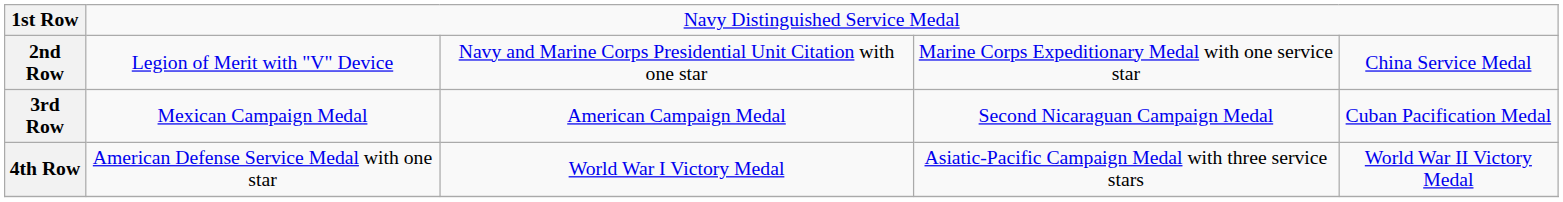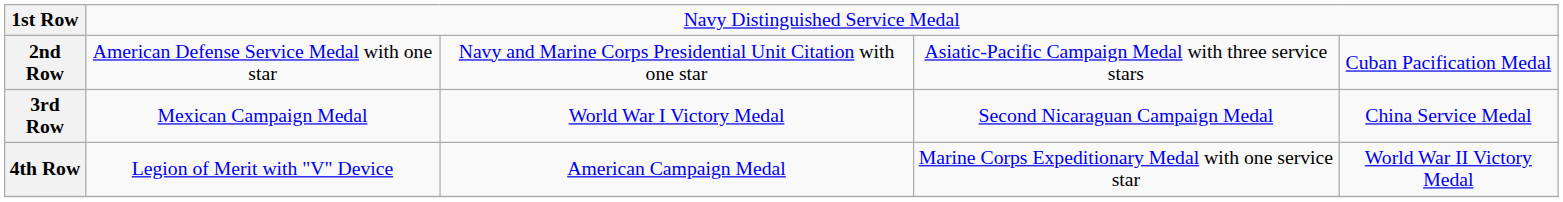 <table class="wikitable" style="margin:1em auto; text-align:center;">
 <tr>
 <th>1st Row</th>
 <td colspan="12"><a href='#'>Navy Distinguished Service Medal</a></td>
 </tr>
 <tr>
 <th>2nd Row</th>
-<td><a href='#'>Legion of Merit with "V" Device</a></td>
+<td><a href='#'>American Defense Service Medal</a> with one star</td>
 <td><a href='#'>Navy and Marine Corps Presidential Unit Citation</a> with one star</td>
-<td><a href='#'>Marine Corps Expeditionary Medal</a> with one service star</td>
-<td><a href='#'>China Service Medal</a></td>
+<td><a href='#'>Asiatic-Pacific Campaign Medal</a> with three service stars</td>
+<td><a href='#'>Cuban Pacification Medal</a></td>
 </tr>
 <tr>
 <th>3rd Row</th>
 <td><a href='#'>Mexican Campaign Medal</a></td>
-<td><a href='#'>American Campaign Medal</a></td>
+<td><a href='#'>World War I Victory Medal</a></td>
 <td><a href='#'>Second Nicaraguan Campaign Medal</a></td>
-<td><a href='#'>Cuban Pacification Medal</a></td>
+<td><a href='#'>China Service Medal</a></td>
 </tr>
 <tr>
 <th>4th Row</th>
-<td><a href='#'>American Defense Service Medal</a> with one star</td>
-<td><a href='#'>World War I Victory Medal</a></td>
-<td><a href='#'>Asiatic-Pacific Campaign Medal</a> with three service stars</td>
+<td><a href='#'>Legion of Merit with "V" Device</a></td>
+<td><a href='#'>American Campaign Medal</a></td>
+<td><a href='#'>Marine Corps Expeditionary Medal</a> with one service star</td>
 <td><a href='#'>World War II Victory Medal</a></td>
 </tr>
 <tr>
 </tr>
 </table>
